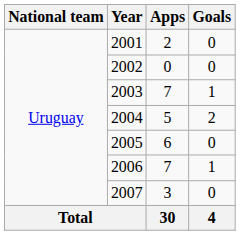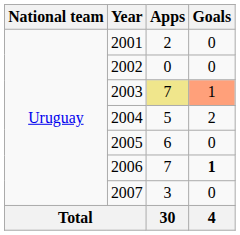 <table class="wikitable" style="text-align:center">
 <tr>
 <th>National team</th>
 <th>Year</th>
 <th>Apps</th>
 <th>Goals</th>
 </tr>
 <tr>
 <td rowspan="7"><a href='#'>Uruguay</a></td>
 <td>2001</td>
 <td>2</td>
 <td>0</td>
 </tr>
 <tr>
 <td>2002</td>
 <td>0</td>
 <td>0</td>
 </tr>
 <tr>
 <td>2003</td>
-<td>7</td>
-<td>1</td>
+<td style="background: khaki;">7</td>
+<td style="background: lightsalmon;">1</td>
 </tr>
 <tr>
 <td>2004</td>
 <td>5</td>
 <td>2</td>
 </tr>
 <tr>
 <td>2005</td>
 <td>6</td>
 <td>0</td>
 </tr>
 <tr>
 <td>2006</td>
 <td>7</td>
-<td>1</td>
+<td><strong>1</strong></td>
 </tr>
 <tr>
 <td>2007</td>
 <td>3</td>
 <td>0</td>
 </tr>
 <tr>
 <th colspan="2">Total</th>
 <th>30</th>
 <th>4</th>
 </tr>
 </table>
